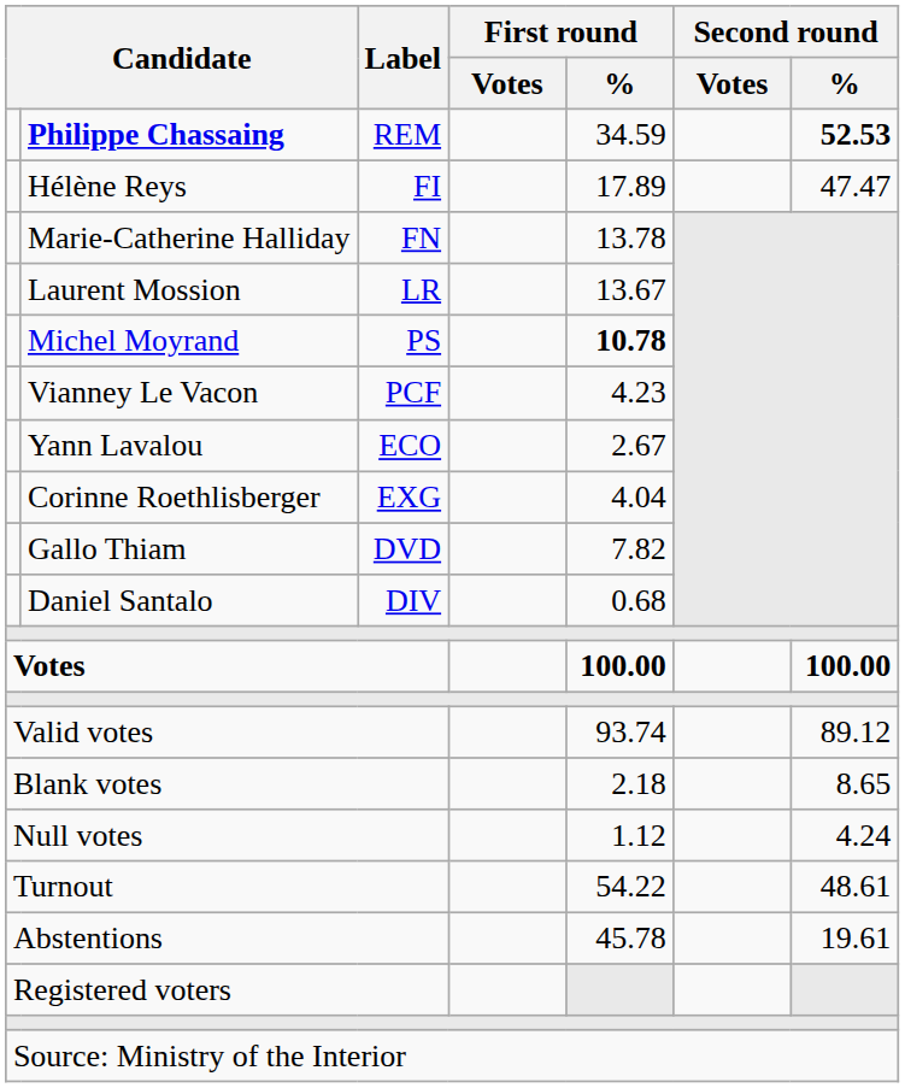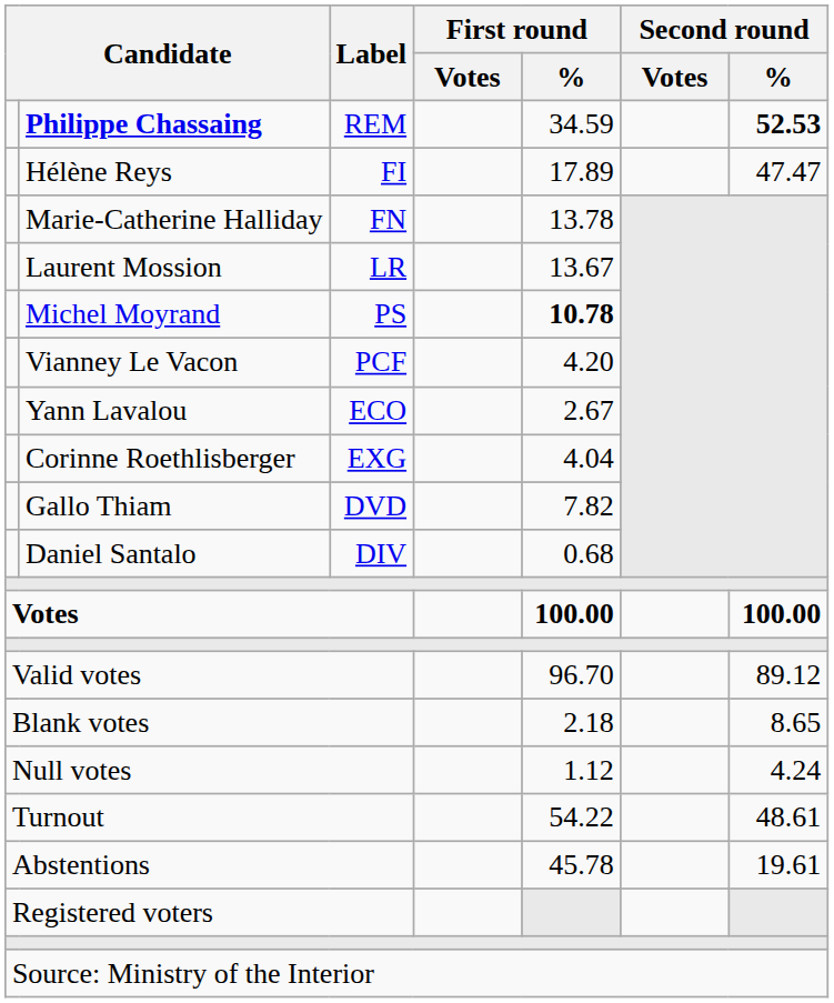 <table class="wikitable" style="text-align:right;font-size:95%;">
 <tr>
 <th rowspan="2" colspan="2">Candidate</th>
 <th rowspan="2">Label</th>
 <th colspan="2">First round</th>
 <th colspan="2">Second round</th>
 </tr>
 <tr>
 <th style="width:50px;">Votes</th>
 <th style="width:45px;">%</th>
 <th style="width:50px;">Votes</th>
 <th style="width:45px;">%</th>
 </tr>
 <tr>
 <td style="color:inherit;background:"></td>
 <td style="text-align:left;"><strong><a href='#'>Philippe Chassaing</a></strong></td>
 <td><a href='#'>REM</a></td>
 <td></td>
 <td>34.59</td>
 <td><strong></strong></td>
 <td><strong>52.53</strong></td>
 </tr>
 <tr>
 <td style="color:inherit;background:"></td>
 <td style="text-align:left;">Hélène Reys</td>
 <td><a href='#'>FI</a></td>
 <td></td>
 <td>17.89</td>
 <td></td>
 <td>47.47</td>
 </tr>
 <tr>
 <td style="color:inherit;background:"></td>
 <td style="text-align:left;">Marie-Catherine Halliday</td>
 <td><a href='#'>FN</a></td>
 <td></td>
 <td>13.78</td>
 <td colspan="2" rowspan="8" style="background:#E9E9E9;"></td>
 </tr>
 <tr>
 <td style="color:inherit;background:"></td>
 <td style="text-align:left;">Laurent Mossion</td>
 <td><a href='#'>LR</a></td>
 <td></td>
 <td>13.67</td>
 </tr>
 <tr>
 <td style="color:inherit;background:"></td>
 <td style="text-align:left;"><a href='#'>Michel Moyrand</a></td>
 <td><a href='#'>PS</a></td>
 <td></td>
 <td><strong>10.78</strong></td>
 </tr>
 <tr>
 <td style="color:inherit;background:"></td>
 <td style="text-align:left;">Vianney Le Vacon</td>
 <td><a href='#'>PCF</a></td>
 <td></td>
-<td>4.23</td>
+<td>4.20</td>
 </tr>
 <tr>
 <td style="color:inherit;background:"></td>
 <td style="text-align:left;">Yann Lavalou</td>
 <td><a href='#'>ECO</a></td>
 <td></td>
 <td>2.67</td>
 </tr>
 <tr>
 <td style="color:inherit;background:"></td>
 <td style="text-align:left;">Corinne Roethlisberger</td>
 <td><a href='#'>EXG</a></td>
 <td></td>
 <td>4.04</td>
 </tr>
 <tr>
 <td style="color:inherit;background:"></td>
 <td style="text-align:left;">Gallo Thiam</td>
 <td><a href='#'>DVD</a></td>
 <td></td>
 <td>7.82</td>
 </tr>
 <tr>
 <td style="color:inherit;background:"></td>
 <td style="text-align:left;">Daniel Santalo</td>
 <td><a href='#'>DIV</a></td>
 <td></td>
 <td>0.68</td>
 </tr>
 <tr>
 <td colspan="7" style="background:#E9E9E9;"></td>
 </tr>
 <tr style="font-weight:bold;">
 <td colspan="3" style="text-align:left;">Votes</td>
 <td></td>
 <td>100.00</td>
 <td></td>
 <td>100.00</td>
 </tr>
 <tr>
 <td colspan="7" style="background:#E9E9E9;"></td>
 </tr>
 <tr>
 <td colspan="3" style="text-align:left;">Valid votes</td>
 <td></td>
-<td>93.74</td>
+<td>96.70</td>
 <td></td>
 <td>89.12</td>
 </tr>
 <tr>
 <td colspan="3" style="text-align:left;">Blank votes</td>
 <td></td>
 <td>2.18</td>
 <td></td>
 <td>8.65</td>
 </tr>
 <tr>
 <td colspan="3" style="text-align:left;">Null votes</td>
 <td></td>
 <td>1.12</td>
 <td></td>
 <td>4.24</td>
 </tr>
 <tr>
 <td colspan="3" style="text-align:left;">Turnout</td>
 <td></td>
 <td>54.22</td>
 <td></td>
 <td>48.61</td>
 </tr>
 <tr>
 <td colspan="3" style="text-align:left;">Abstentions</td>
 <td></td>
 <td>45.78</td>
 <td></td>
 <td>19.61</td>
 </tr>
 <tr>
 <td colspan="3" style="text-align:left;">Registered voters</td>
 <td></td>
 <td style="color:inherit;background:#E9E9E9;"></td>
 <td></td>
 <td style="color:inherit;background:#E9E9E9;"></td>
 </tr>
 <tr>
 <td colspan="7" style="background:#E9E9E9;"></td>
 </tr>
 <tr>
 <td colspan="7" style="text-align:left;">Source: Ministry of the Interior</td>
 </tr>
 </table>
